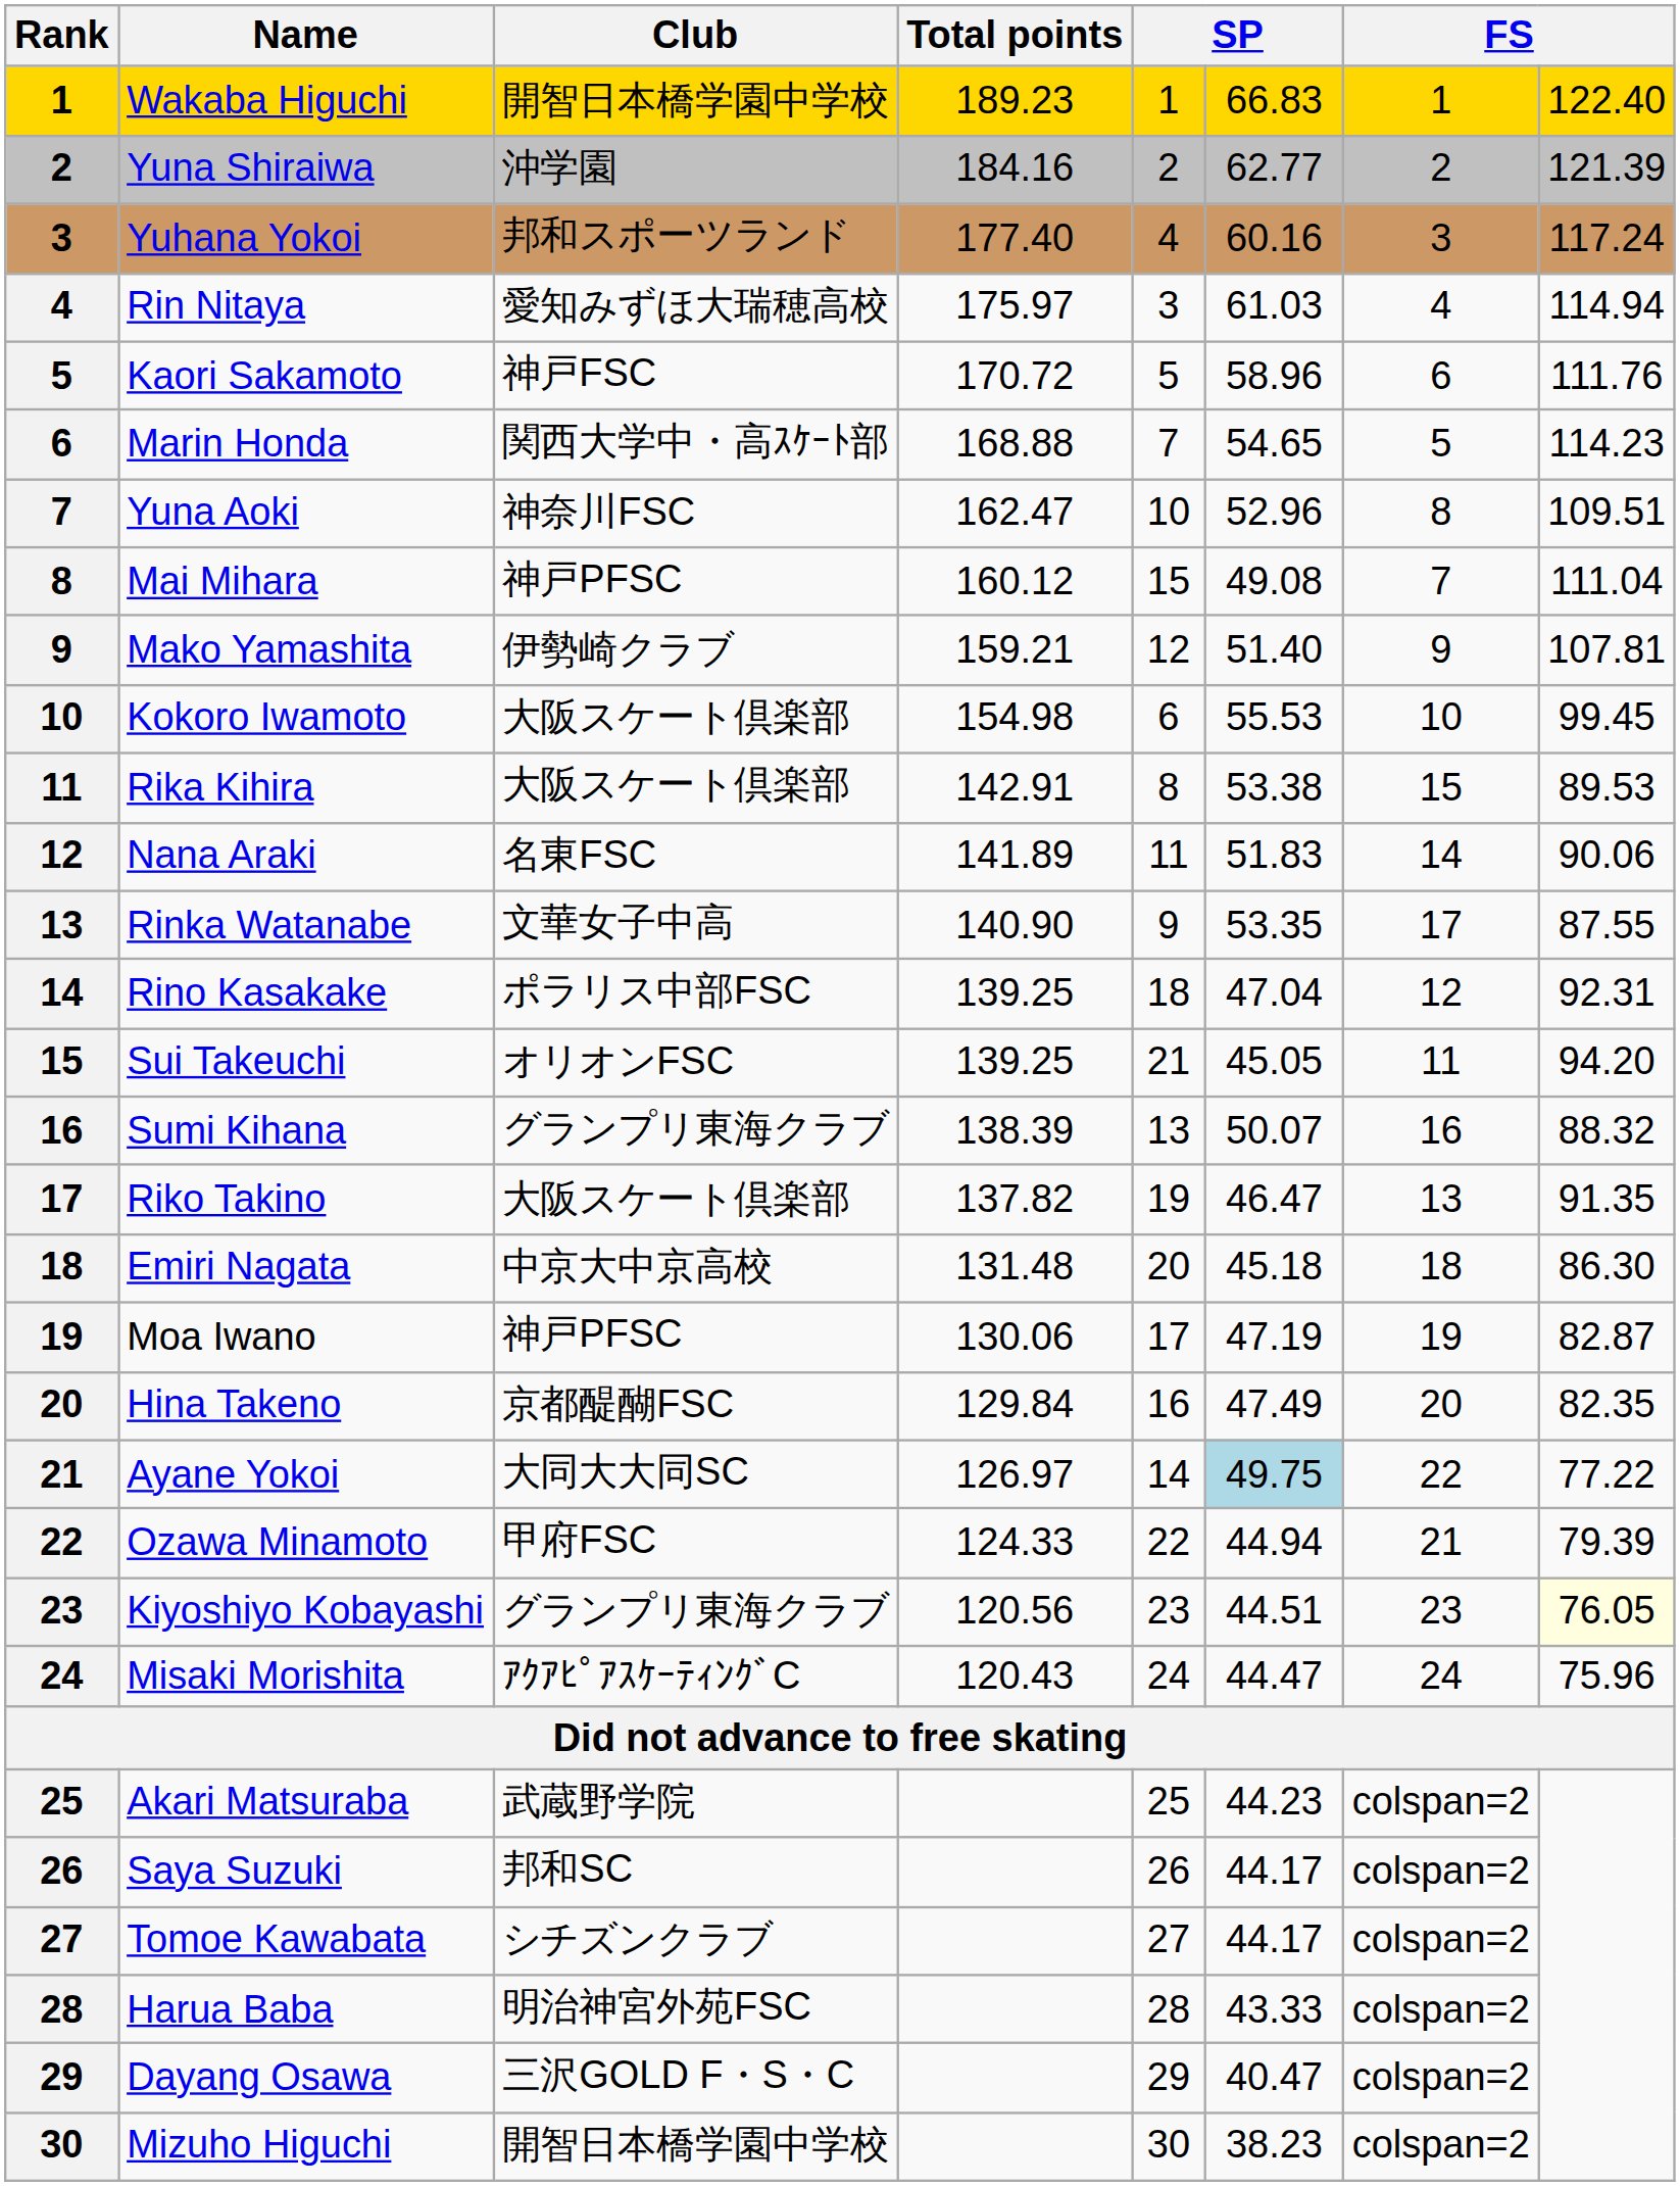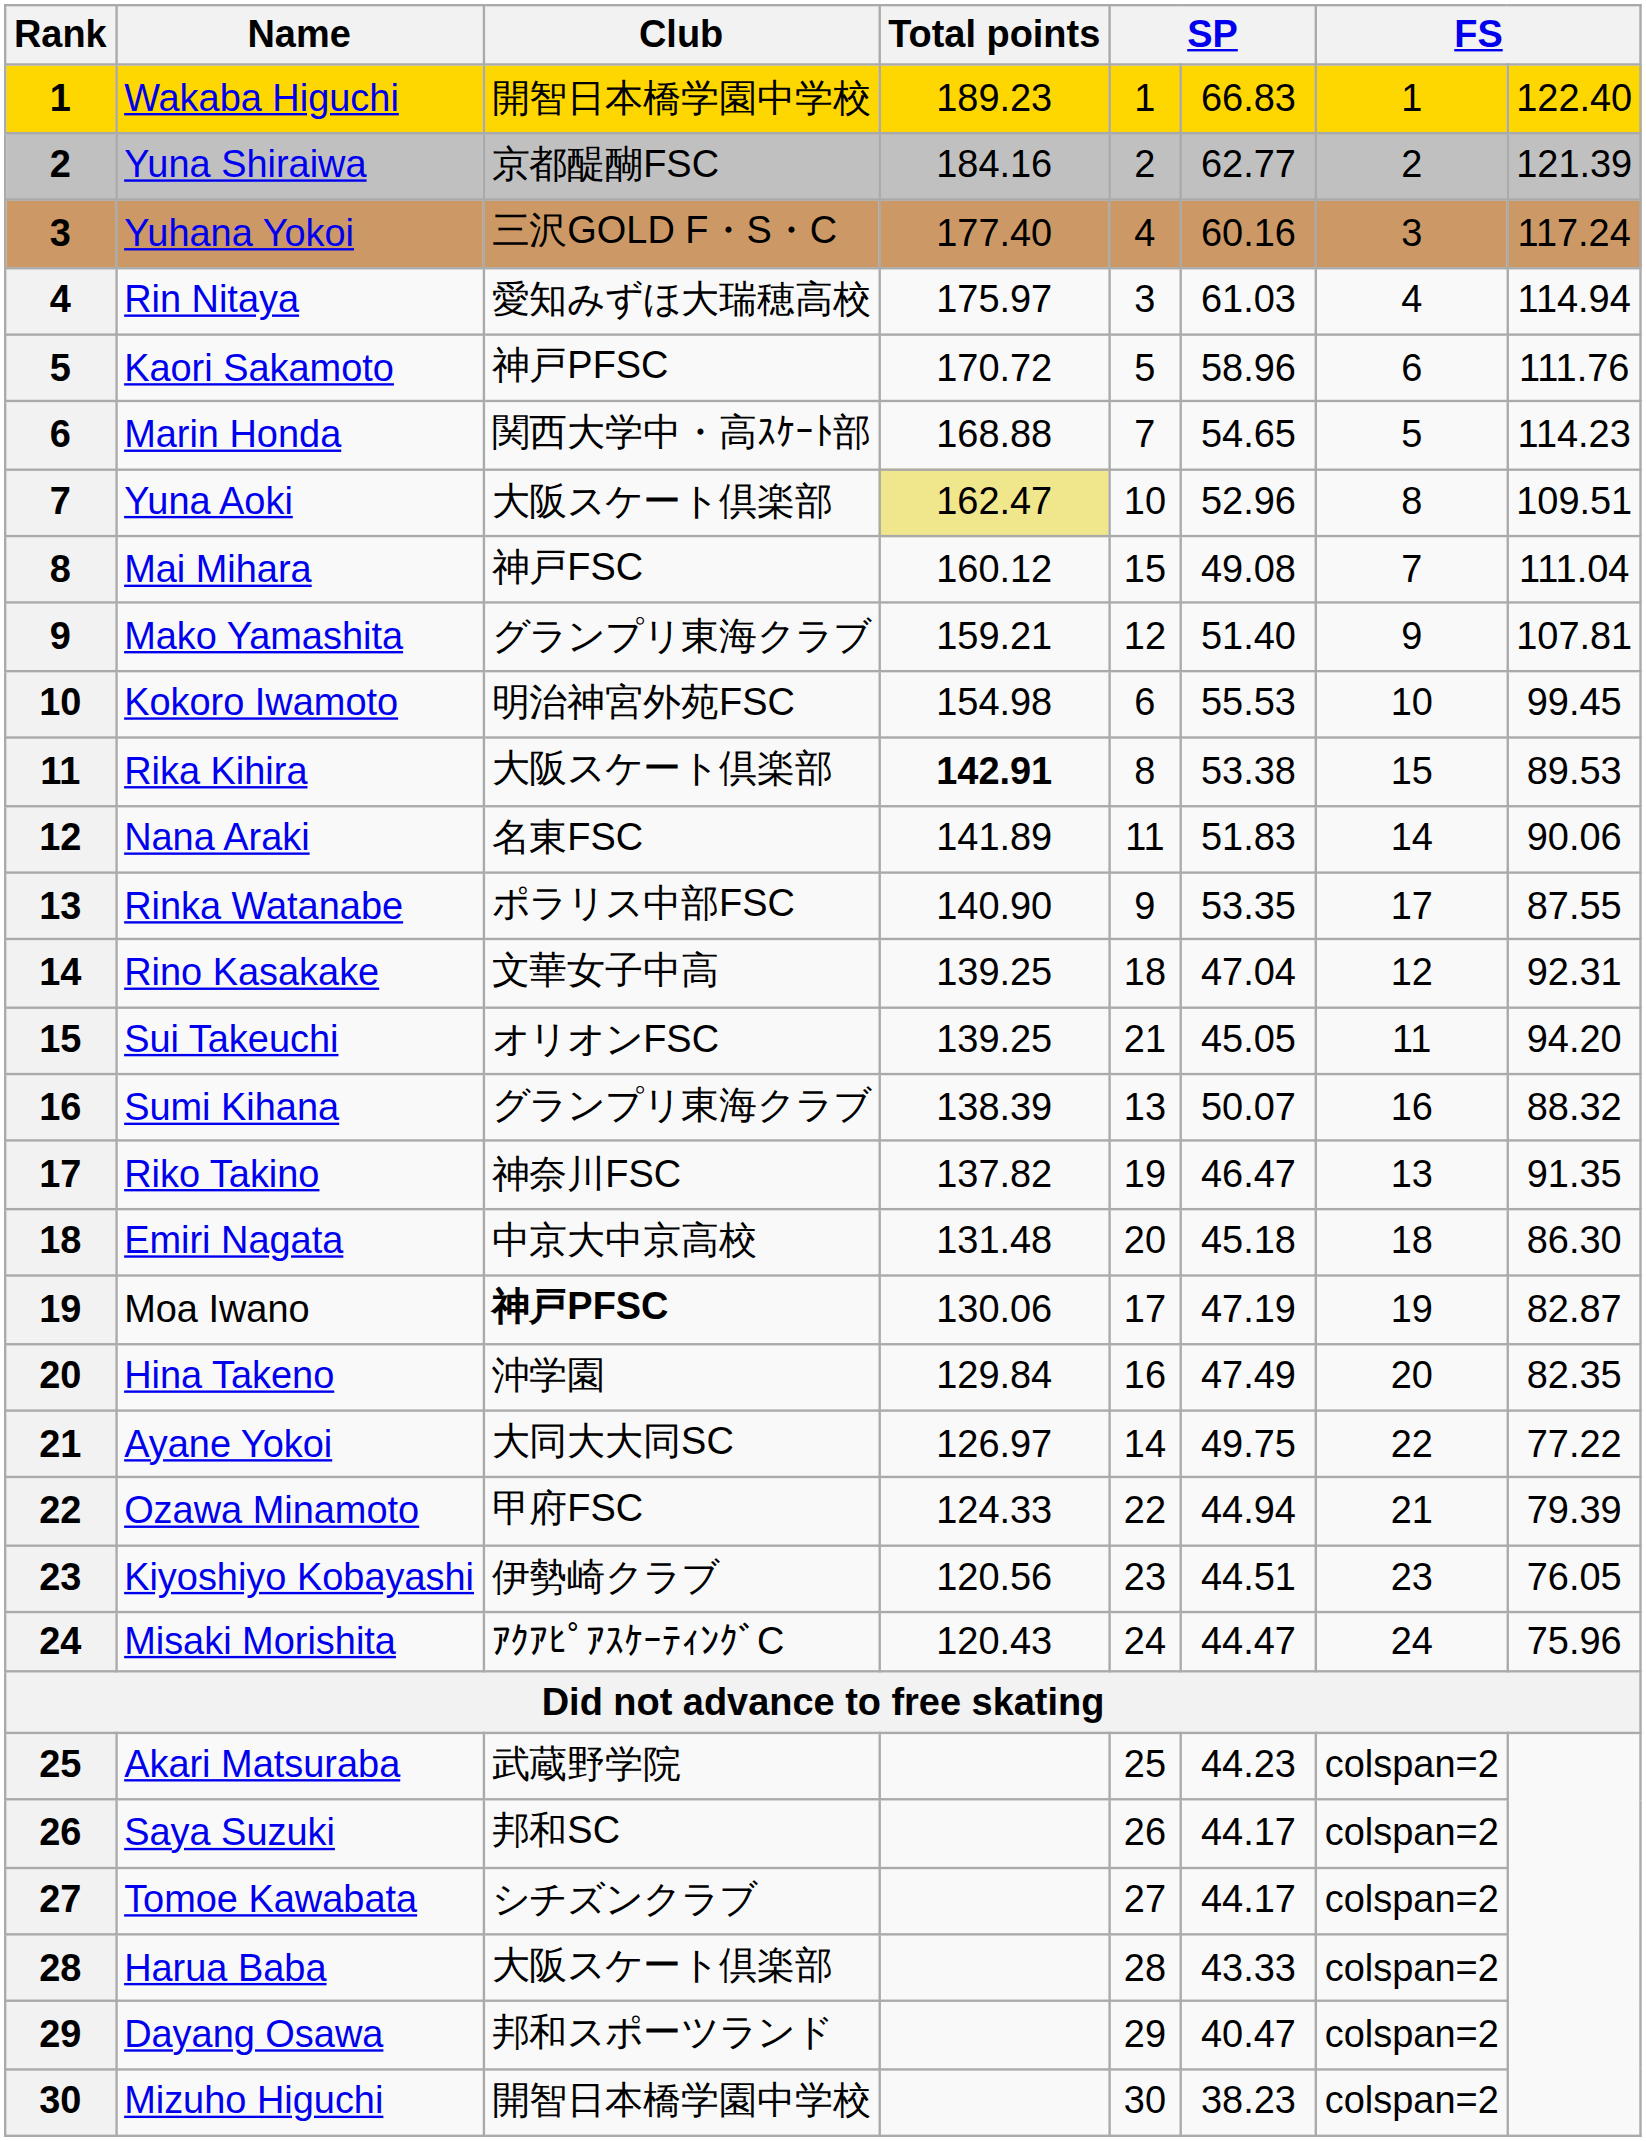 <table class="wikitable sortable">
 <tr>
 <th>Rank</th>
 <th>Name</th>
 <th>Club</th>
 <th>Total points</th>
 <th colspan="2" width="80px"><a href='#'>SP</a></th>
 <th colspan="2" width="80px"><a href='#'>FS</a></th>
 </tr>
 <tr bgcolor="gold">
 <td align="center"><strong>1</strong></td>
 <td><a href='#'>Wakaba Higuchi</a></td>
 <td>開智日本橋学園中学校</td>
 <td align="center">189.23</td>
 <td align="center">1</td>
 <td align="center">66.83</td>
 <td align="center">1</td>
 <td align="center">122.40</td>
 </tr>
 <tr bgcolor="silver">
 <td align="center"><strong>2</strong></td>
 <td><a href='#'>Yuna Shiraiwa</a></td>
-<td>沖学園</td>
+<td>京都醍醐FSC</td>
 <td align="center">184.16</td>
 <td align="center">2</td>
 <td align="center">62.77</td>
 <td align="center">2</td>
 <td align="center">121.39</td>
 </tr>
 <tr bgcolor="cc9966">
 <td align="center"><strong>3</strong></td>
 <td><a href='#'>Yuhana Yokoi</a></td>
-<td>邦和スポーツランド</td>
+<td>三沢GOLD F・S・C</td>
 <td align="center">177.40</td>
 <td align="center">4</td>
 <td align="center">60.16</td>
 <td align="center">3</td>
 <td align="center">117.24</td>
 </tr>
 <tr>
 <th>4</th>
 <td><a href='#'>Rin Nitaya</a></td>
 <td>愛知みずほ大瑞穂高校</td>
 <td align="center">175.97</td>
 <td align="center">3</td>
 <td align="center">61.03</td>
 <td align="center">4</td>
 <td align="center">114.94</td>
 </tr>
 <tr>
 <th>5</th>
 <td><a href='#'>Kaori Sakamoto</a></td>
-<td>神戸FSC</td>
+<td>神戸PFSC</td>
 <td align="center">170.72</td>
 <td align="center">5</td>
 <td align="center">58.96</td>
 <td align="center">6</td>
 <td align="center">111.76</td>
 </tr>
 <tr>
 <th>6</th>
 <td><a href='#'>Marin Honda</a></td>
 <td>関西大学中・高ｽｹｰﾄ部</td>
 <td align="center">168.88</td>
 <td align="center">7</td>
 <td align="center">54.65</td>
 <td align="center">5</td>
 <td align="center">114.23</td>
 </tr>
 <tr>
 <th>7</th>
 <td><a href='#'>Yuna Aoki</a></td>
-<td>神奈川FSC</td>
-<td align="center">162.47</td>
+<td>大阪スケート倶楽部</td>
+<td align="center" style="background: khaki;">162.47</td>
 <td align="center">10</td>
 <td align="center">52.96</td>
 <td align="center">8</td>
 <td align="center">109.51</td>
 </tr>
 <tr>
 <th>8</th>
 <td><a href='#'>Mai Mihara</a></td>
-<td>神戸PFSC</td>
+<td>神戸FSC</td>
 <td align="center">160.12</td>
 <td align="center">15</td>
 <td align="center">49.08</td>
 <td align="center">7</td>
 <td align="center">111.04</td>
 </tr>
 <tr>
 <th>9</th>
 <td><a href='#'>Mako Yamashita</a></td>
-<td>伊勢崎クラブ</td>
+<td>グランプリ東海クラブ</td>
 <td align="center">159.21</td>
 <td align="center">12</td>
 <td align="center">51.40</td>
 <td align="center">9</td>
 <td align="center">107.81</td>
 </tr>
 <tr>
 <th>10</th>
 <td><a href='#'>Kokoro Iwamoto</a></td>
-<td>大阪スケート倶楽部</td>
+<td>明治神宮外苑FSC</td>
 <td align="center">154.98</td>
 <td align="center">6</td>
 <td align="center">55.53</td>
 <td align="center">10</td>
 <td align="center">99.45</td>
 </tr>
 <tr>
 <th>11</th>
 <td><a href='#'>Rika Kihira</a></td>
 <td>大阪スケート倶楽部</td>
-<td align="center">142.91</td>
+<td align="center"><strong>142.91</strong></td>
 <td align="center">8</td>
 <td align="center">53.38</td>
 <td align="center">15</td>
 <td align="center">89.53</td>
 </tr>
 <tr>
 <th>12</th>
 <td><a href='#'>Nana Araki</a></td>
 <td>名東FSC</td>
 <td align="center">141.89</td>
 <td align="center">11</td>
 <td align="center">51.83</td>
 <td align="center">14</td>
 <td align="center">90.06</td>
 </tr>
 <tr>
 <th>13</th>
 <td><a href='#'>Rinka Watanabe</a></td>
-<td>文華女子中高</td>
+<td>ポラリス中部FSC</td>
 <td align="center">140.90</td>
 <td align="center">9</td>
 <td align="center">53.35</td>
 <td align="center">17</td>
 <td align="center">87.55</td>
 </tr>
 <tr>
 <th>14</th>
 <td><a href='#'>Rino Kasakake</a></td>
-<td>ポラリス中部FSC</td>
+<td>文華女子中高</td>
 <td align="center">139.25</td>
 <td align="center">18</td>
 <td align="center">47.04</td>
 <td align="center">12</td>
 <td align="center">92.31</td>
 </tr>
 <tr>
 <th>15</th>
 <td><a href='#'>Sui Takeuchi</a></td>
 <td>オリオンFSC</td>
 <td align="center">139.25</td>
 <td align="center">21</td>
 <td align="center">45.05</td>
 <td align="center">11</td>
 <td align="center">94.20</td>
 </tr>
 <tr>
 <th>16</th>
 <td><a href='#'>Sumi Kihana</a></td>
 <td>グランプリ東海クラブ</td>
 <td align="center">138.39</td>
 <td align="center">13</td>
 <td align="center">50.07</td>
 <td align="center">16</td>
 <td align="center">88.32</td>
 </tr>
 <tr>
 <th>17</th>
 <td><a href='#'>Riko Takino</a></td>
-<td>大阪スケート倶楽部</td>
+<td>神奈川FSC</td>
 <td align="center">137.82</td>
 <td align="center">19</td>
 <td align="center">46.47</td>
 <td align="center">13</td>
 <td align="center">91.35</td>
 </tr>
 <tr>
 <th>18</th>
 <td><a href='#'>Emiri Nagata</a></td>
 <td>中京大中京高校</td>
 <td align="center">131.48</td>
 <td align="center">20</td>
 <td align="center">45.18</td>
 <td align="center">18</td>
 <td align="center">86.30</td>
 </tr>
 <tr>
 <th>19</th>
 <td>Moa Iwano</td>
-<td>神戸PFSC</td>
+<td><strong>神戸PFSC</strong></td>
 <td align="center">130.06</td>
 <td align="center">17</td>
 <td align="center">47.19</td>
 <td align="center">19</td>
 <td align="center">82.87</td>
 </tr>
 <tr>
 <th>20</th>
 <td><a href='#'>Hina Takeno</a></td>
-<td>京都醍醐FSC</td>
+<td>沖学園</td>
 <td align="center">129.84</td>
 <td align="center">16</td>
 <td align="center">47.49</td>
 <td align="center">20</td>
 <td align="center">82.35</td>
 </tr>
 <tr>
 <th>21</th>
 <td><a href='#'>Ayane Yokoi</a></td>
 <td>大同大大同SC</td>
 <td align="center">126.97</td>
 <td align="center">14</td>
-<td align="center" style="background: lightblue;">49.75</td>
+<td align="center">49.75</td>
 <td align="center">22</td>
 <td align="center">77.22</td>
 </tr>
 <tr>
 <th>22</th>
 <td><a href='#'>Ozawa Minamoto</a></td>
 <td>甲府FSC</td>
 <td align="center">124.33</td>
 <td align="center">22</td>
 <td align="center">44.94</td>
 <td align="center">21</td>
 <td align="center">79.39</td>
 </tr>
 <tr>
 <th>23</th>
 <td><a href='#'>Kiyoshiyo Kobayashi</a></td>
-<td>グランプリ東海クラブ</td>
+<td>伊勢崎クラブ</td>
 <td align="center">120.56</td>
 <td align="center">23</td>
 <td align="center">44.51</td>
 <td align="center">23</td>
-<td align="center" style="background: lightyellow;">76.05</td>
+<td align="center">76.05</td>
 </tr>
 <tr>
 <th>24</th>
 <td><a href='#'>Misaki Morishita</a></td>
 <td>ｱｸｱﾋﾟｱｽｹｰﾃｨﾝｸﾞC</td>
 <td align="center">120.43</td>
 <td align="center">24</td>
 <td align="center">44.47</td>
 <td align="center">24</td>
 <td align="center">75.96</td>
 </tr>
 <tr>
 <th colspan=8>Did not advance to free skating</th>
 </tr>
 <tr>
 <th>25</th>
 <td><a href='#'>Akari Matsuraba</a></td>
 <td>武蔵野学院</td>
 <td></td>
 <td align="center">25</td>
 <td align="center">44.23</td>
 <td>colspan=2 </td>
 </tr>
 <tr>
 <th>26</th>
 <td><a href='#'>Saya Suzuki</a></td>
 <td>邦和SC</td>
 <td></td>
 <td align="center">26</td>
 <td align="center">44.17</td>
 <td>colspan=2 </td>
 </tr>
 <tr>
 <th>27</th>
 <td><a href='#'>Tomoe Kawabata</a></td>
 <td>シチズンクラブ</td>
 <td></td>
 <td align="center">27</td>
 <td align="center">44.17</td>
 <td>colspan=2 </td>
 </tr>
 <tr>
 <th>28</th>
 <td><a href='#'>Harua Baba</a></td>
-<td>明治神宮外苑FSC</td>
+<td>大阪スケート倶楽部</td>
 <td></td>
 <td align="center">28</td>
 <td align="center">43.33</td>
 <td>colspan=2 </td>
 </tr>
 <tr>
 <th>29</th>
 <td><a href='#'>Dayang Osawa</a></td>
-<td>三沢GOLD F・S・C</td>
+<td>邦和スポーツランド</td>
 <td></td>
 <td align="center">29</td>
 <td align="center">40.47</td>
 <td>colspan=2 </td>
 </tr>
 <tr>
 <th>30</th>
 <td><a href='#'>Mizuho Higuchi</a></td>
 <td>開智日本橋学園中学校</td>
 <td></td>
 <td align="center">30</td>
 <td align="center">38.23</td>
 <td>colspan=2 </td>
 </tr>
 </table>
